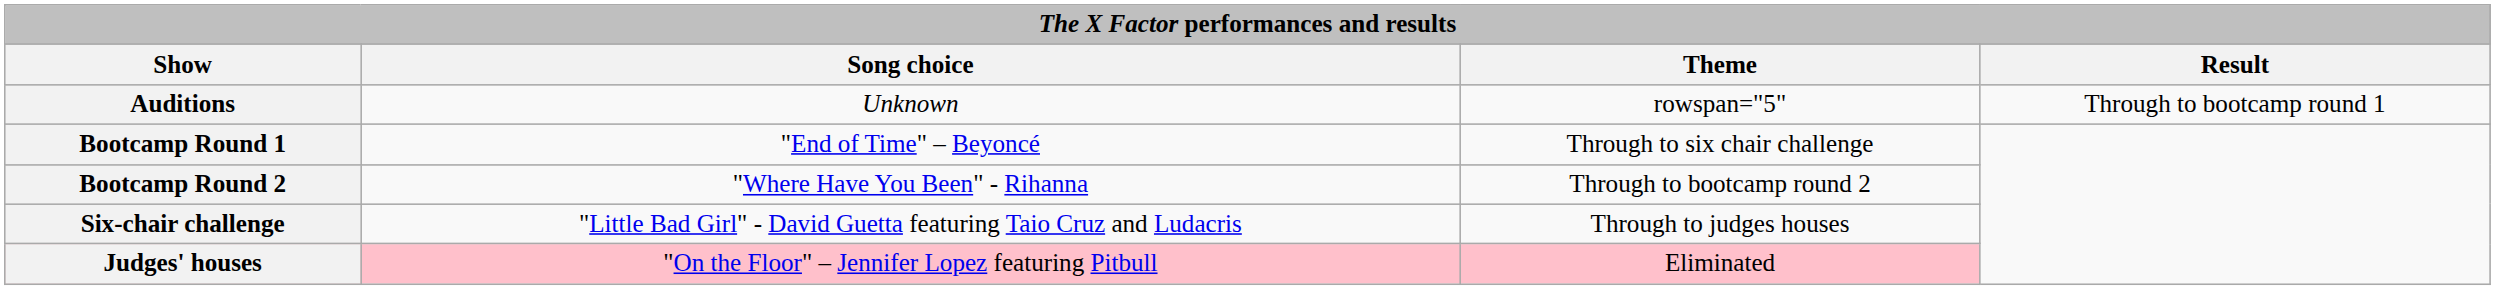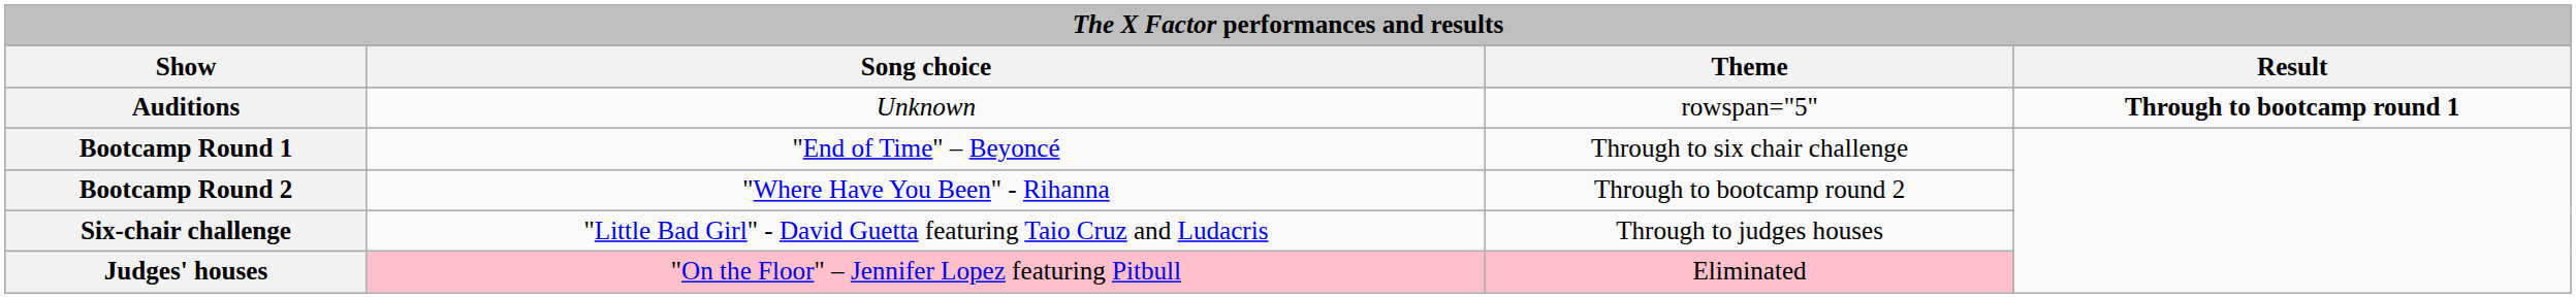 <table class="wikitable collapsible collapsed" style="width:100%; margin:1em auto 1em auto; text-align:center;">
 <tr>
 <th colspan="5" style="background:#BFBFBF;"><em>The X Factor</em> performances and results</th>
 </tr>
 <tr>
 <th style="text-align:centre;">Show</th>
 <th style="text-align:centre;">Song choice</th>
 <th style="text-align:centre;">Theme</th>
 <th style="text-align:centre;">Result</th>
 </tr>
 <tr>
 <th>Auditions</th>
 <td><em>Unknown</em></td>
 <td>rowspan="5" </td>
-<td>Through to bootcamp round 1</td>
+<td><strong>Through to bootcamp round 1</strong></td>
 </tr>
 <tr>
 <th>Bootcamp Round 1</th>
 <td>"<a href='#'>End of Time</a>" – <a href='#'>Beyoncé</a></td>
 <td>Through to six chair challenge</td>
 </tr>
 <tr>
 <th>Bootcamp Round 2</th>
 <td>"<a href='#'>Where Have You Been</a>" - <a href='#'>Rihanna</a></td>
 <td>Through to bootcamp round 2</td>
 </tr>
 <tr>
 <th>Six-chair challenge</th>
 <td>"<a href='#'>Little Bad Girl</a>" - <a href='#'>David Guetta</a> featuring <a href='#'>Taio Cruz</a> and <a href='#'>Ludacris</a></td>
 <td>Through to judges houses</td>
 </tr>
 <tr style="background:pink;">
 <th>Judges' houses</th>
 <td>"<a href='#'>On the Floor</a>" – <a href='#'>Jennifer Lopez</a> featuring <a href='#'>Pitbull</a></td>
 <td>Eliminated</td>
 </tr>
 </table>
